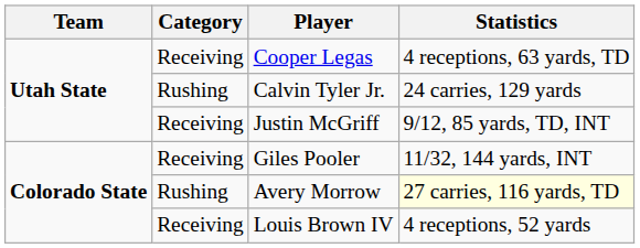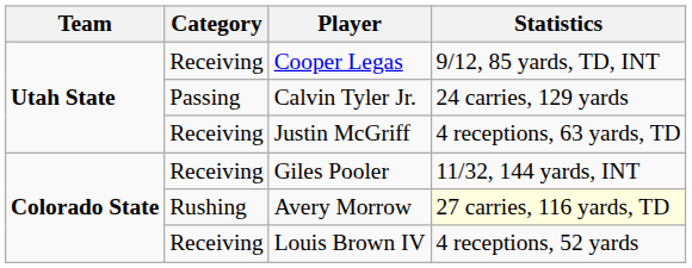 <table class="wikitable" style="float: left;">
 <tr>
 <th>Team</th>
 <th>Category</th>
 <th>Player</th>
 <th>Statistics</th>
 </tr>
 <tr>
 <td rowspan=3><strong>Utah State</strong></td>
 <td>Receiving</td>
 <td><a href='#'>Cooper Legas</a></td>
-<td>4 receptions, 63 yards, TD</td>
+<td>9/12, 85 yards, TD, INT</td>
 </tr>
 <tr>
-<td>Rushing</td>
+<td>Passing</td>
 <td>Calvin Tyler Jr.</td>
 <td>24 carries, 129 yards</td>
 </tr>
 <tr>
 <td>Receiving</td>
 <td>Justin McGriff</td>
-<td>9/12, 85 yards, TD, INT</td>
+<td>4 receptions, 63 yards, TD</td>
 </tr>
 <tr>
 <td rowspan=3><strong>Colorado State</strong></td>
 <td>Receiving</td>
 <td>Giles Pooler</td>
 <td>11/32, 144 yards, INT</td>
 </tr>
 <tr>
 <td>Rushing</td>
 <td>Avery Morrow</td>
 <td style="background: lightyellow;">27 carries, 116 yards, TD</td>
 </tr>
 <tr>
 <td>Receiving</td>
 <td>Louis Brown IV</td>
 <td>4 receptions, 52 yards</td>
 </tr>
 </table>
